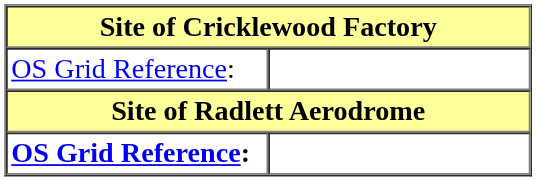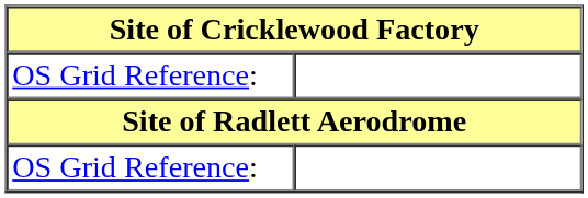 <table border=1 cellpadding="2" cellspacing="0" align="right" width=300 style=margin-left:10px>
 <tr>
 <th colspan=2 align=center style="background:#FFFF99;">Site of Cricklewood Factory</th>
 </tr>
 <tr>
 <td width="50%"><a href='#'>OS Grid Reference</a>:</td>
 <td></td>
 </tr>
 <tr>
 <th colspan=2 align=center style="background:#FFFF99;">Site of Radlett Aerodrome</th>
 </tr>
 <tr>
-<td width="50%"><strong><a href='#'>OS Grid Reference</a>:</strong></td>
+<td width="50%"><a href='#'>OS Grid Reference</a>:</td>
 <td></td>
 </tr>
 <tr>
 </tr>
 </table>
